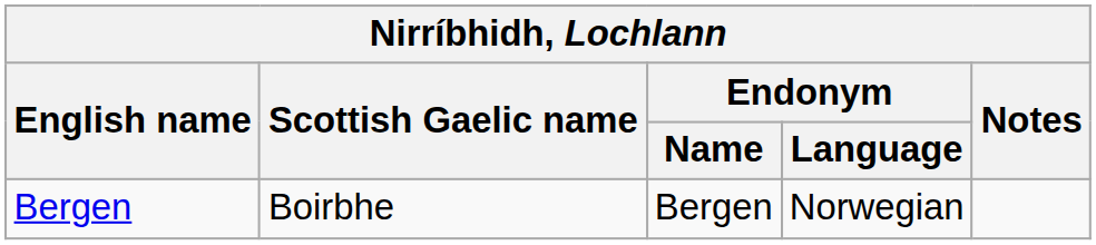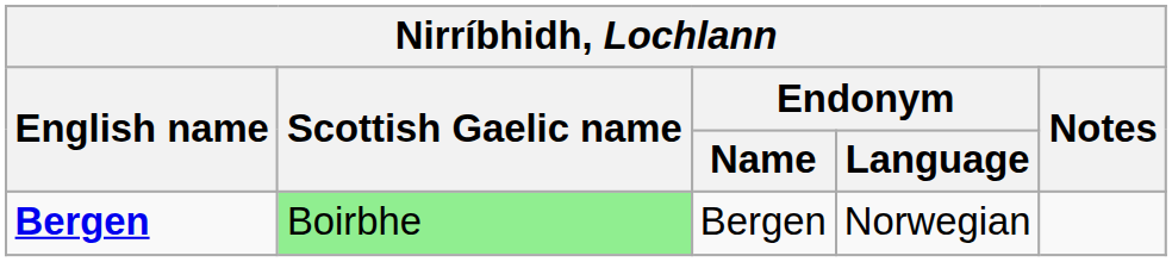 <table class="wikitable sortable">
 <tr>
 <th colspan="5"> Nirríbhidh, <em>Lochlann</em></th>
 </tr>
 <tr>
 <th rowspan="2">English name</th>
 <th rowspan="2">Scottish Gaelic name</th>
 <th colspan="2">Endonym</th>
 <th rowspan="2">Notes</th>
 </tr>
 <tr>
 <th>Name</th>
 <th>Language</th>
 </tr>
 <tr>
-<td><a href='#'>Bergen</a></td>
-<td>Boirbhe</td>
+<td><strong><a href='#'>Bergen</a></strong></td>
+<td style="background: lightgreen;">Boirbhe</td>
 <td>Bergen</td>
 <td>Norwegian</td>
 <td></td>
 </tr>
 </table>
